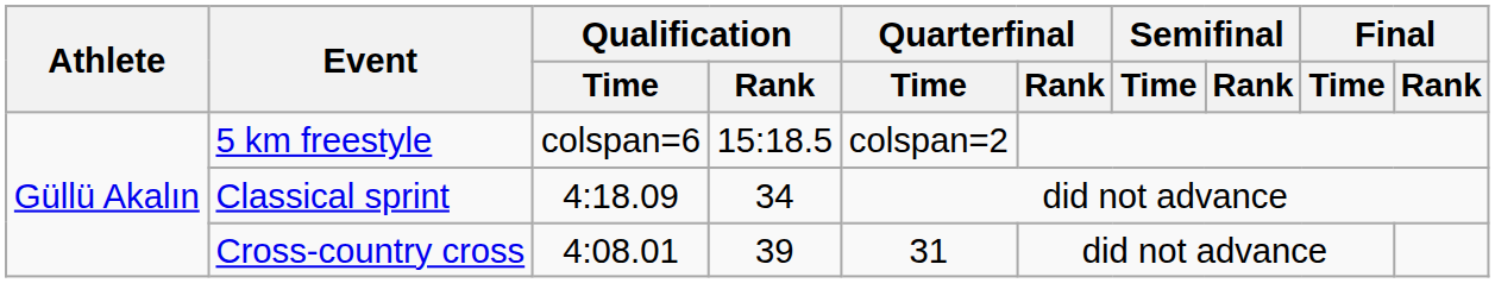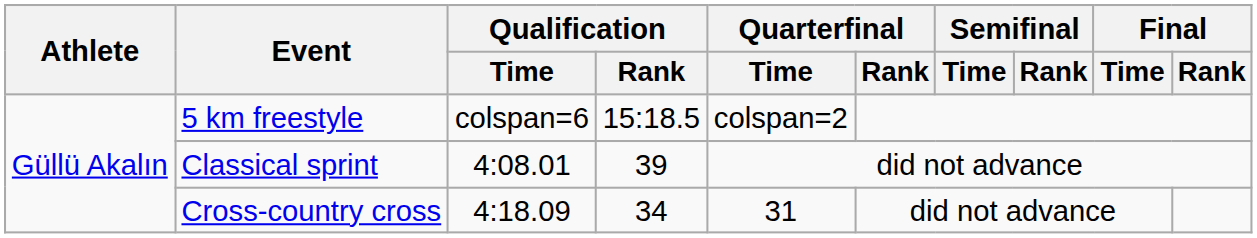 <table class="wikitable" style="font-size:90%">
 <tr>
 <th rowspan="2">Athlete</th>
 <th rowspan="2">Event</th>
 <th colspan="2">Qualification</th>
 <th colspan="2">Quarterfinal</th>
 <th colspan="2">Semifinal</th>
 <th colspan="2">Final</th>
 </tr>
 <tr style="font-size:95%">
 <th>Time</th>
 <th>Rank</th>
 <th>Time</th>
 <th>Rank</th>
 <th>Time</th>
 <th>Rank</th>
 <th>Time</th>
 <th>Rank</th>
 </tr>
 <tr align=center>
 <td align=left rowspan=3><a href='#'>Güllü Akalın</a></td>
 <td align=left><a href='#'>5 km freestyle</a></td>
 <td>colspan=6 </td>
 <td>15:18.5</td>
 <td>colspan=2 </td>
 </tr>
 <tr align=center>
 <td align=left><a href='#'>Classical sprint</a></td>
-<td>4:18.09</td>
-<td>34</td>
+<td>4:08.01</td>
+<td>39</td>
 <td colspan=6>did not advance</td>
 </tr>
 <tr align=center>
 <td align=left><a href='#'>Cross-country cross</a></td>
-<td>4:08.01</td>
-<td>39</td>
+<td>4:18.09</td>
+<td>34</td>
 <td>31</td>
 <td colspan=4>did not advance</td>
 </tr>
 </table>
